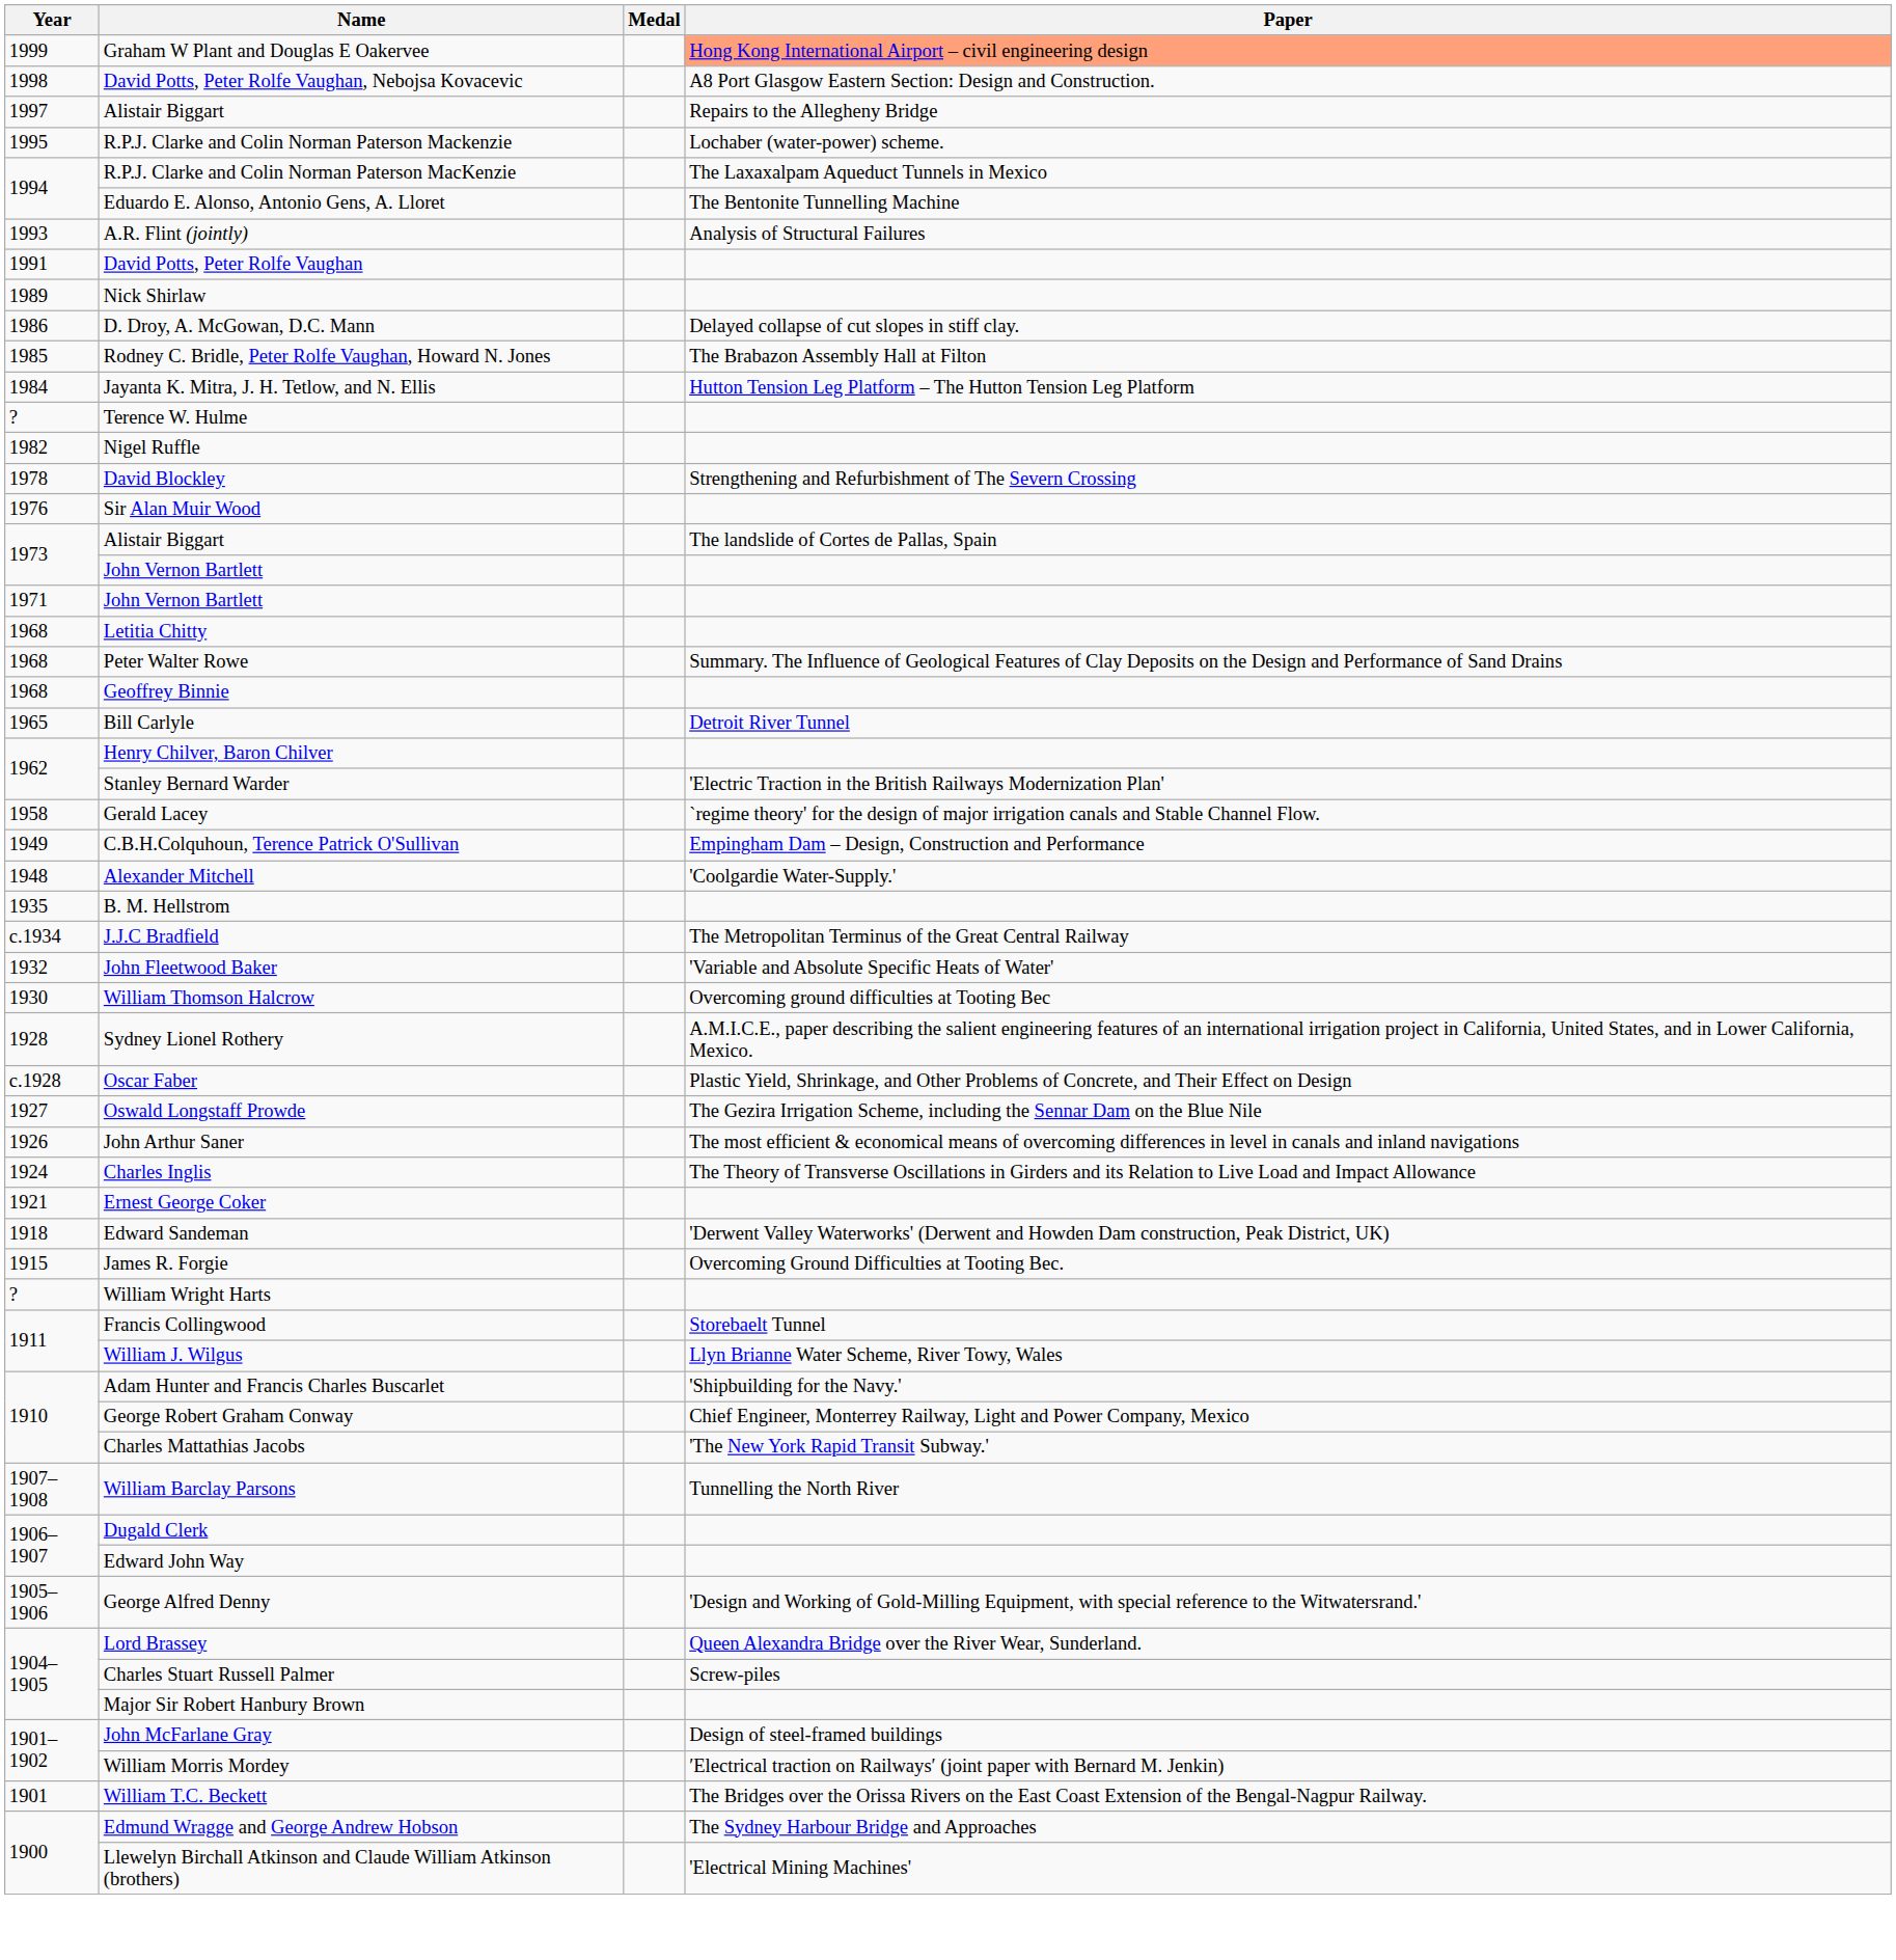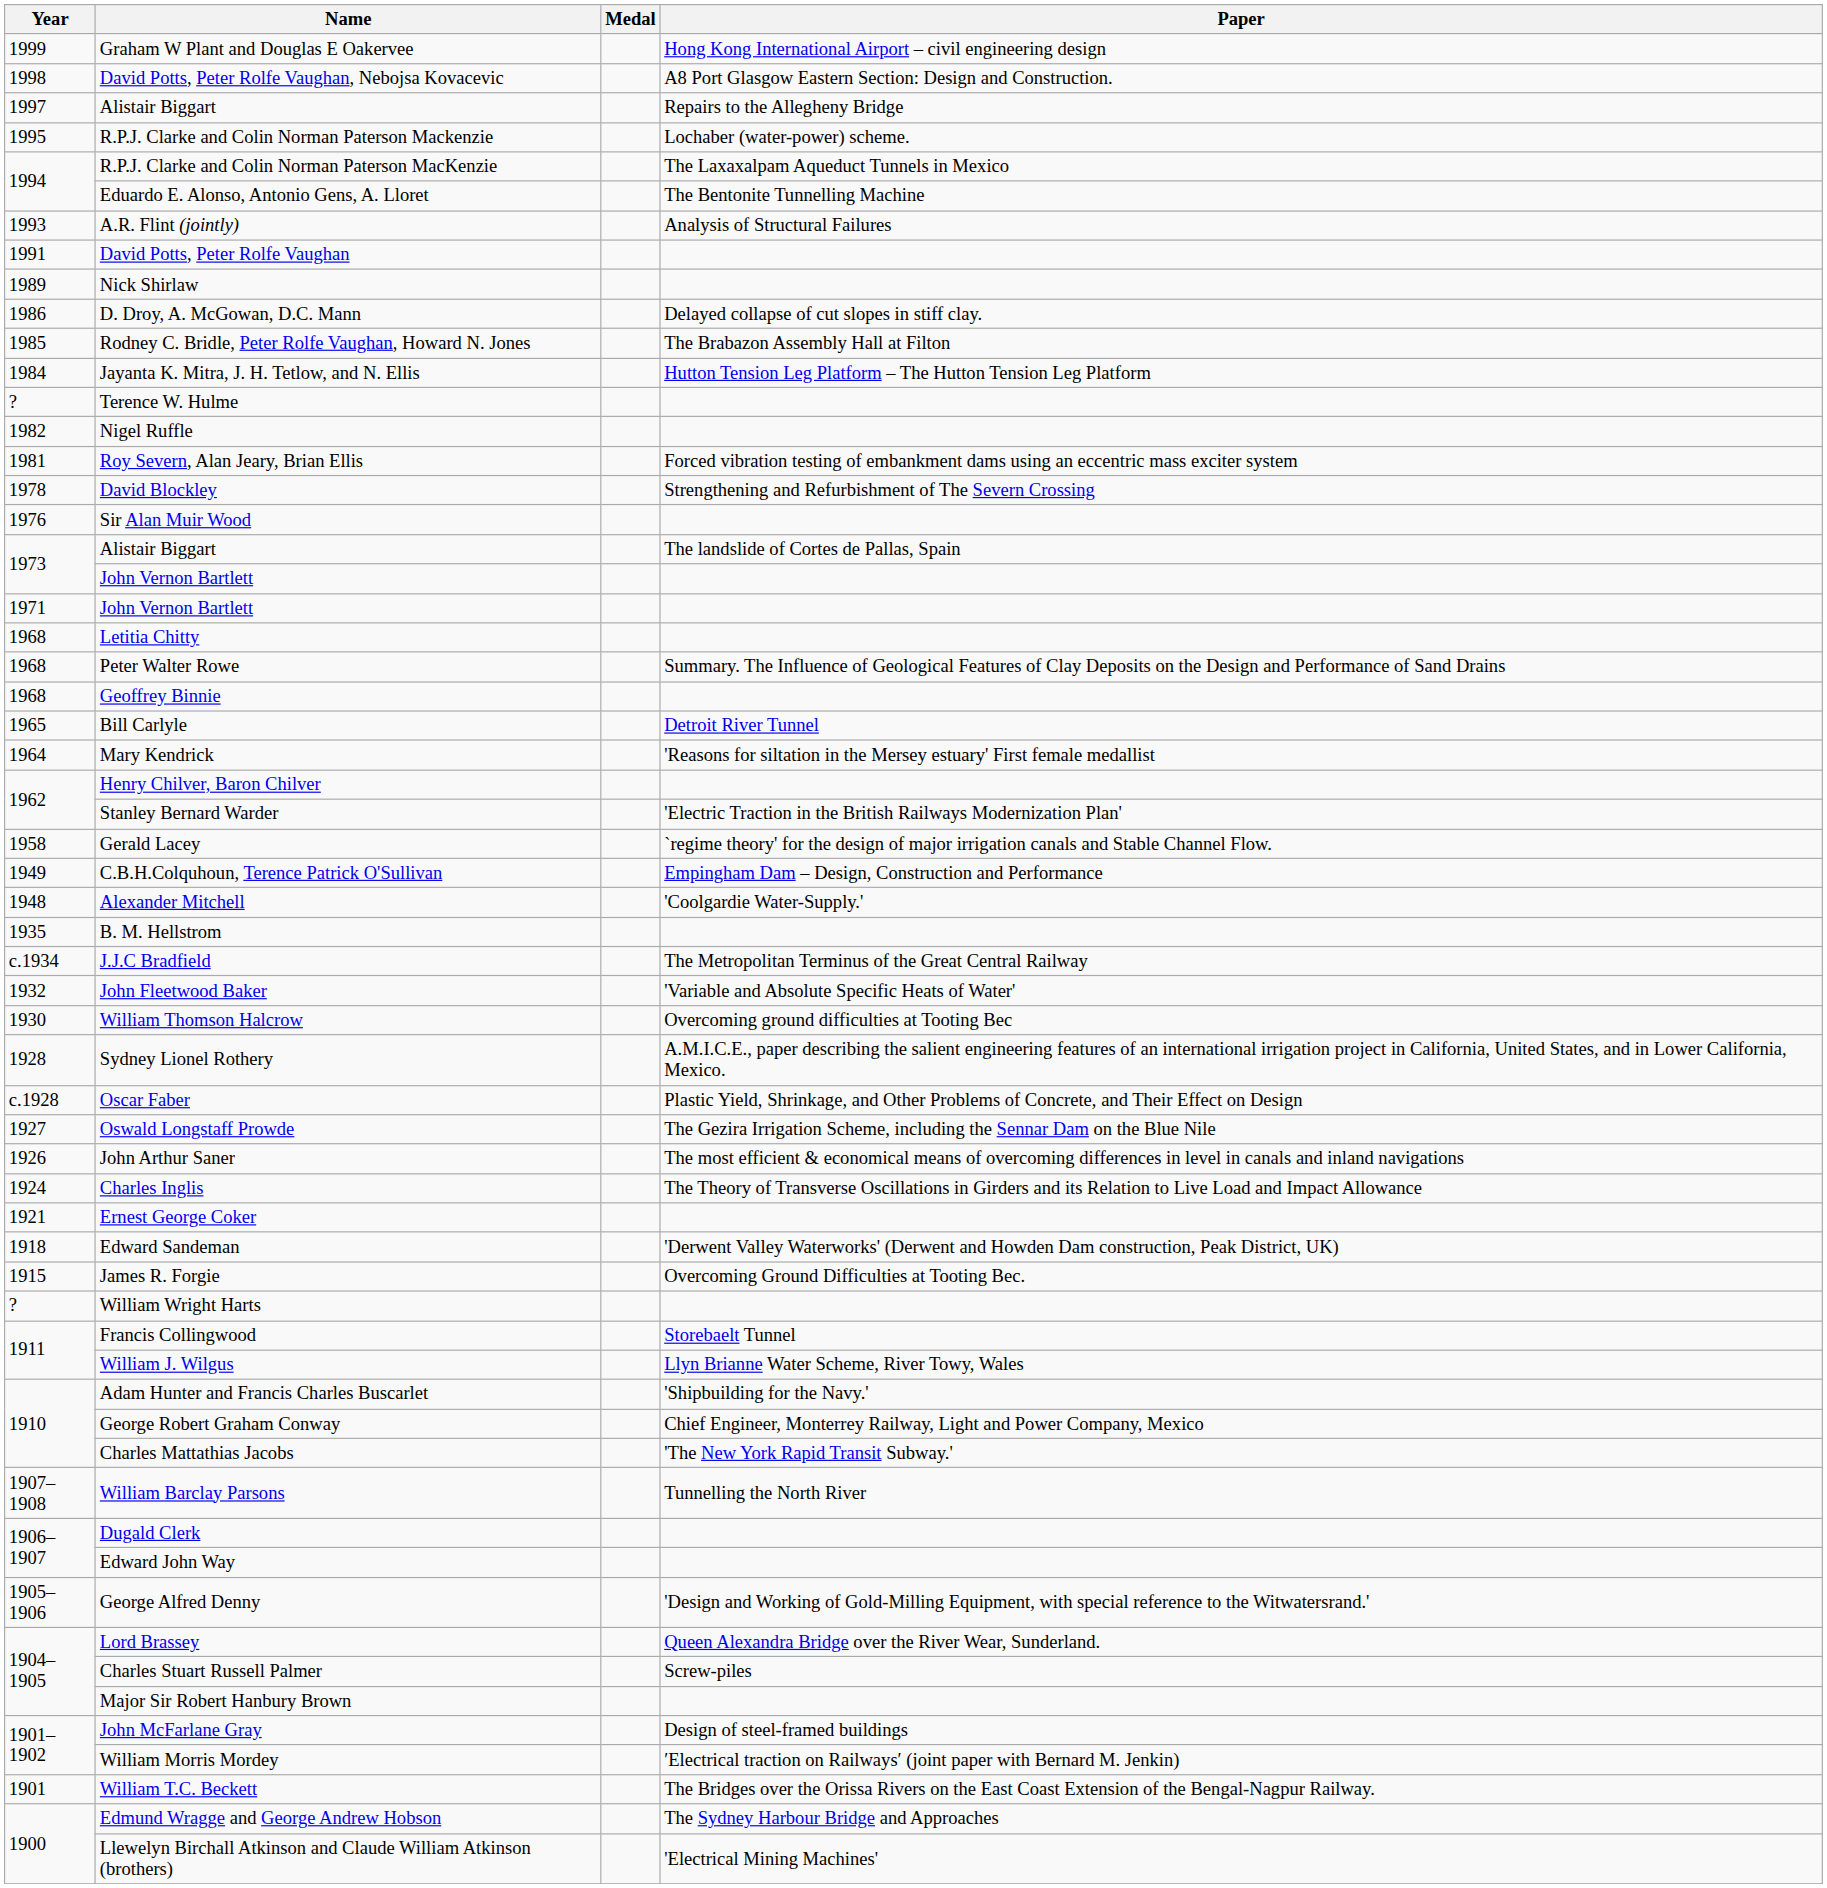 <table class="wikitable" style="align:left;">
 <tr>
 <th>Year</th>
 <th>Name</th>
 <th>Medal</th>
 <th>Paper</th>
 </tr>
 <tr>
 <td>1999</td>
 <td>Graham W Plant and Douglas E Oakervee</td>
 <td></td>
-<td style="background: lightsalmon;"><a href='#'>Hong Kong International Airport</a> – civil engineering design</td>
+<td><a href='#'>Hong Kong International Airport</a> – civil engineering design</td>
 </tr>
 <tr>
 <td>1998</td>
 <td><a href='#'>David Potts</a>, <a href='#'>Peter Rolfe Vaughan</a>, Nebojsa Kovacevic</td>
 <td></td>
 <td>A8 Port Glasgow Eastern Section: Design and Construction.</td>
 </tr>
 <tr>
 <td>1997</td>
 <td>Alistair Biggart</td>
 <td></td>
 <td>Repairs to the Allegheny Bridge </td>
 </tr>
 <tr>
 <td>1995</td>
 <td>R.P.J. Clarke and Colin Norman Paterson Mackenzie</td>
 <td></td>
 <td>Lochaber (water-power) scheme.</td>
 </tr>
 <tr>
 <td rowspan= "2">1994</td>
 <td>R.P.J. Clarke and Colin Norman Paterson MacKenzie</td>
 <td></td>
 <td>The Laxaxalpam Aqueduct Tunnels in Mexico </td>
 </tr>
 <tr>
 <td>Eduardo E. Alonso, Antonio Gens, A. Lloret</td>
 <td></td>
 <td>The Bentonite Tunnelling Machine </td>
 </tr>
 <tr>
 <td>1993</td>
 <td>A.R. Flint <em>(jointly)</em></td>
 <td></td>
 <td>Analysis of Structural Failures </td>
 </tr>
 <tr>
 <td>1991</td>
 <td><a href='#'>David Potts</a>, <a href='#'>Peter Rolfe Vaughan</a></td>
 <td></td>
 <td></td>
 </tr>
 <tr>
 <td>1989</td>
 <td>Nick Shirlaw</td>
 <td></td>
 <td></td>
 </tr>
 <tr>
 <td>1986</td>
 <td>D. Droy, A. McGowan, D.C. Mann</td>
 <td></td>
 <td>Delayed collapse of cut slopes in stiff clay.</td>
 </tr>
 <tr>
 <td>1985</td>
 <td>Rodney C. Bridle, <a href='#'>Peter Rolfe Vaughan</a>, Howard N. Jones</td>
 <td></td>
 <td>The Brabazon Assembly Hall at Filton</td>
 </tr>
 <tr>
 <td>1984</td>
 <td>Jayanta K. Mitra, J. H. Tetlow, and N. Ellis</td>
 <td></td>
 <td><a href='#'>Hutton Tension Leg Platform</a> – The Hutton Tension Leg Platform </td>
 </tr>
 <tr>
 <td>?</td>
 <td>Terence W. Hulme</td>
 <td></td>
 <td></td>
 </tr>
 <tr>
 <td>1982</td>
 <td>Nigel Ruffle</td>
 <td></td>
 <td></td>
 </tr>
 <tr>
+<td>1981</td>
+<td><a href='#'>Roy Severn</a>, Alan Jeary, Brian Ellis</td>
+<td></td>
+<td>Forced vibration testing of embankment dams using an eccentric mass exciter system </td>
+</tr>
+<tr>
 <td>1978</td>
 <td><a href='#'>David Blockley</a></td>
 <td></td>
 <td>Strengthening and Refurbishment of The <a href='#'>Severn Crossing</a><br> </td>
 </tr>
 <tr>
 <td>1976</td>
 <td>Sir <a href='#'>Alan Muir Wood</a></td>
 <td></td>
 <td></td>
 </tr>
 <tr>
 <td rowspan = "2">1973</td>
 <td>Alistair Biggart</td>
 <td></td>
 <td>The landslide of Cortes de Pallas, Spain</td>
 </tr>
 <tr>
 <td><a href='#'>John Vernon Bartlett</a></td>
 <td></td>
 <td></td>
 </tr>
 <tr>
 <td>1971</td>
 <td><a href='#'>John Vernon Bartlett</a></td>
 <td></td>
 <td></td>
 </tr>
 <tr>
 <td>1968</td>
 <td><a href='#'>Letitia Chitty</a></td>
 <td></td>
 <td></td>
 </tr>
 <tr>
 <td>1968</td>
 <td>Peter Walter Rowe</td>
 <td></td>
 <td>Summary. The Influence of Geological Features of Clay Deposits on the Design and Performance of Sand Drains</td>
 </tr>
 <tr>
 <td>1968</td>
 <td><a href='#'>Geoffrey Binnie</a></td>
 <td></td>
 <td></td>
 </tr>
 <tr>
 <td>1965</td>
 <td>Bill Carlyle</td>
 <td></td>
 <td><a href='#'>Detroit River Tunnel</a></td>
+</tr>
+<tr>
+<td>1964</td>
+<td>Mary Kendrick</td>
+<td></td>
+<td>'Reasons for siltation in the Mersey estuary' First female medallist </td>
 </tr>
 <tr>
 <td rowspan= "2">1962</td>
 <td><a href='#'>Henry Chilver, Baron Chilver</a></td>
 <td></td>
 <td></td>
 </tr>
 <tr>
 <td>Stanley Bernard Warder</td>
 <td></td>
 <td>'Electric Traction in the British Railways Modernization Plan'</td>
 </tr>
 <tr>
 <td>1958</td>
 <td>Gerald Lacey</td>
 <td></td>
 <td>`regime theory' for the design of major irrigation canals and Stable Channel Flow.</td>
 </tr>
 <tr>
 <td>1949</td>
 <td>C.B.H.Colquhoun, <a href='#'>Terence Patrick O'Sullivan</a></td>
 <td></td>
 <td><a href='#'>Empingham Dam</a> – Design, Construction and Performance </td>
 </tr>
 <tr>
 <td>1948</td>
 <td><a href='#'>Alexander Mitchell</a></td>
 <td></td>
 <td>'Coolgardie Water-Supply.' </td>
 </tr>
 <tr>
 <td>1935</td>
 <td>B. M. Hellstrom</td>
 <td></td>
 <td></td>
 </tr>
 <tr>
 <td>c.1934</td>
 <td><a href='#'>J.J.C Bradfield</a></td>
 <td></td>
 <td>The Metropolitan Terminus of the Great Central Railway</td>
 </tr>
 <tr>
 <td>1932</td>
 <td><a href='#'>John Fleetwood Baker</a></td>
 <td></td>
 <td>'Variable and Absolute Specific Heats of Water'</td>
 </tr>
 <tr>
 <td>1930</td>
 <td><a href='#'>William Thomson Halcrow</a></td>
 <td></td>
 <td>Overcoming ground difficulties at Tooting Bec </td>
 </tr>
 <tr>
 <td>1928</td>
 <td>Sydney Lionel Rothery</td>
 <td></td>
 <td>A.M.I.C.E., paper describing the salient engineering features of an international irrigation project in California, United States, and in Lower California, Mexico.</td>
 </tr>
 <tr>
 <td>c.1928</td>
 <td><a href='#'>Oscar Faber</a></td>
 <td></td>
 <td>Plastic Yield, Shrinkage, and Other Problems of Concrete, and Their Effect on Design</td>
 </tr>
 <tr>
 <td>1927</td>
 <td><a href='#'>Oswald Longstaff Prowde</a></td>
 <td></td>
 <td>The Gezira Irrigation Scheme, including the <a href='#'>Sennar Dam</a> on the Blue Nile</td>
 </tr>
 <tr>
 <td>1926</td>
 <td>John Arthur Saner</td>
 <td></td>
 <td>The most efficient & economical means of overcoming differences in level in canals and inland navigations</td>
 </tr>
 <tr>
 <td>1924</td>
 <td><a href='#'>Charles Inglis</a></td>
 <td></td>
 <td>The Theory of Transverse Oscillations in Girders and its Relation to Live Load and Impact Allowance</td>
 </tr>
 <tr>
 <td>1921</td>
 <td><a href='#'>Ernest George Coker</a></td>
 <td></td>
 <td></td>
 </tr>
 <tr>
 <td>1918</td>
 <td>Edward Sandeman</td>
 <td></td>
 <td>'Derwent Valley Waterworks' (Derwent and Howden Dam construction, Peak District, UK) </td>
 </tr>
 <tr>
 <td>1915</td>
 <td>James R. Forgie</td>
 <td></td>
 <td>Overcoming Ground Difficulties at Tooting Bec.</td>
 </tr>
 <tr>
 <td>?</td>
 <td>William Wright Harts</td>
 <td></td>
 <td></td>
 </tr>
 <tr>
 <td rowspan = "2">1911</td>
 <td>Francis Collingwood</td>
 <td></td>
 <td><a href='#'>Storebaelt</a> Tunnel </td>
 </tr>
 <tr>
 <td><a href='#'>William J. Wilgus</a></td>
 <td></td>
 <td><a href='#'>Llyn Brianne</a> Water Scheme, River Towy, Wales</td>
 </tr>
 <tr>
 <td rowspan="3">1910</td>
 <td>Adam Hunter and Francis Charles Buscarlet</td>
 <td></td>
 <td>'Shipbuilding for the Navy.' </td>
 </tr>
 <tr>
 <td>George Robert Graham Conway</td>
 <td></td>
 <td>Chief Engineer, Monterrey Railway, Light and Power Company, Mexico</td>
 </tr>
 <tr>
 <td>Charles Mattathias Jacobs</td>
 <td></td>
 <td>'The <a href='#'>New York Rapid Transit</a> Subway.' </td>
 </tr>
 <tr>
 <td>1907–1908</td>
 <td><a href='#'>William Barclay Parsons</a></td>
 <td></td>
 <td>Tunnelling the North River </td>
 </tr>
 <tr>
 <td rowspan = "2">1906–1907</td>
 <td><a href='#'>Dugald Clerk</a></td>
 <td></td>
 <td></td>
 </tr>
 <tr>
 <td>Edward John Way</td>
 <td></td>
 <td></td>
 </tr>
 <tr>
 <td>1905–1906</td>
 <td>George Alfred Denny</td>
 <td></td>
 <td>'Design and Working of Gold-Milling Equipment, with special reference to the Witwatersrand.' </td>
 </tr>
 <tr>
 <td rowspan="3">1904–1905</td>
 <td><a href='#'>Lord Brassey</a></td>
 <td></td>
 <td><a href='#'>Queen Alexandra Bridge</a> over the River Wear, Sunderland.</td>
 </tr>
 <tr>
 <td>Charles Stuart Russell Palmer</td>
 <td></td>
 <td>Screw-piles </td>
 </tr>
 <tr>
 <td>Major Sir Robert Hanbury Brown</td>
 <td></td>
 <td></td>
 </tr>
 <tr>
 <td rowspan="2">1901–1902</td>
 <td><a href='#'>John McFarlane Gray</a></td>
 <td></td>
 <td>Design of steel-framed buildings</td>
 </tr>
 <tr>
 <td>William Morris Mordey</td>
 <td></td>
 <td>′Electrical traction on Railways′ (joint paper with Bernard M. Jenkin)</td>
 </tr>
 <tr>
 <td>1901</td>
 <td><a href='#'>William T.C. Beckett</a></td>
 <td></td>
 <td>The Bridges over the Orissa Rivers on the East Coast Extension of the Bengal-Nagpur Railway.</td>
 </tr>
 <tr>
 <td rowspan = "2">1900</td>
 <td><a href='#'>Edmund Wragge</a> and <a href='#'>George Andrew Hobson</a></td>
 <td></td>
 <td>The <a href='#'>Sydney Harbour Bridge</a> and Approaches </td>
 </tr>
 <tr>
 <td>Llewelyn Birchall Atkinson and Claude William Atkinson (brothers)</td>
 <td></td>
 <td>'Electrical Mining Machines'</td>
 </tr>
 </table>
